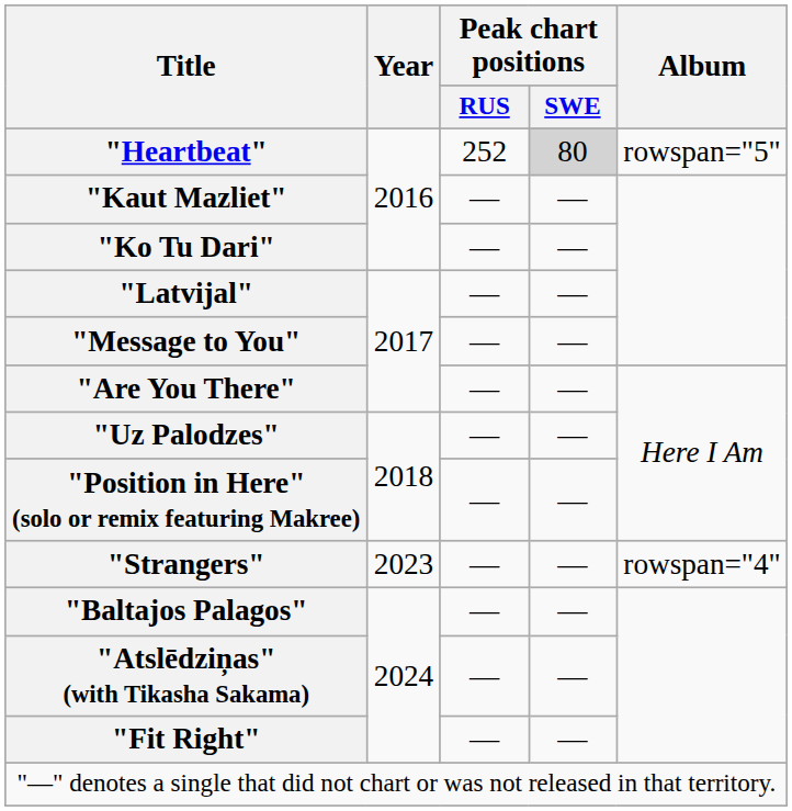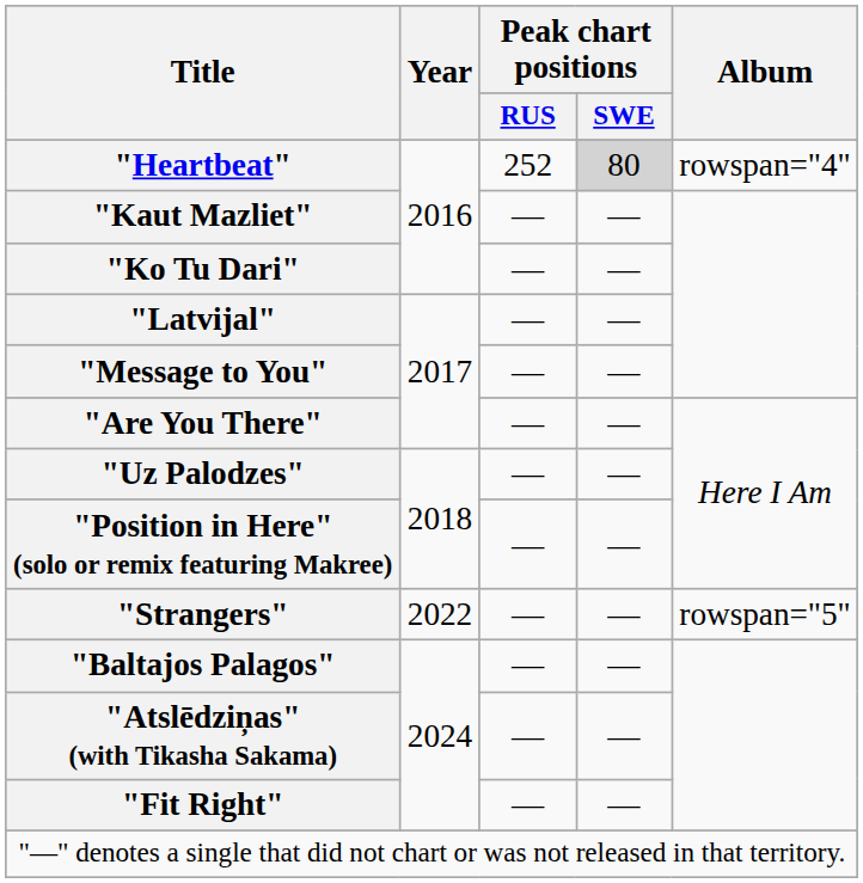 <table class="wikitable plainrowheaders" style="text-align:center;">
 <tr>
 <th scope="col" rowspan="2">Title</th>
 <th scope="col" rowspan="2">Year</th>
 <th scope="col" colspan="2">Peak chart positions</th>
 <th scope="col" rowspan="2">Album</th>
 </tr>
 <tr>
 <th scope="col" style="width:3em;font-size:85%;"><a href='#'>RUS</a><br></th>
 <th scope="col" style="width:3em;font-size:85%;"><a href='#'>SWE</a><br></th>
 </tr>
 <tr>
 <th scope="row">"<a href='#'>Heartbeat</a>"</th>
 <td rowspan="3">2016</td>
 <td>252</td>
 <td style="background: lightgrey;">80</td>
-<td>rowspan="5" </td>
+<td>rowspan="4" </td>
 </tr>
 <tr>
 <th scope="row">"Kaut Mazliet"</th>
 <td>—</td>
 <td>—</td>
 </tr>
 <tr>
 <th scope="row">"Ko Tu Dari"</th>
 <td>—</td>
 <td>—</td>
 </tr>
 <tr>
 <th scope="row">"Latvijal"</th>
 <td rowspan="3">2017</td>
 <td>—</td>
 <td>—</td>
 </tr>
 <tr>
 <th scope="row">"Message to You" </th>
 <td>—</td>
 <td>—</td>
 </tr>
 <tr>
 <th scope="row">"Are You There"</th>
 <td>—</td>
 <td>—</td>
 <td rowspan="3"><em>Here I Am</em></td>
 </tr>
 <tr>
 <th scope="row">"Uz Palodzes"</th>
 <td rowspan="2">2018</td>
 <td>—</td>
 <td>—</td>
 </tr>
 <tr>
 <th scope="row">"Position in Here"<br><small>(solo or remix featuring Makree)</small></th>
 <td>—</td>
 <td>—</td>
 </tr>
 <tr>
 <th scope="row">"Strangers"</th>
-<td>2023</td>
+<td>2022</td>
 <td>—</td>
 <td>—</td>
-<td>rowspan="4" </td>
+<td>rowspan="5" </td>
 </tr>
 <tr>
 <th scope="row">"Baltajos Palagos"</th>
 <td rowspan="3">2024</td>
 <td>—</td>
 <td>—</td>
 </tr>
 <tr>
 <th scope="row">"Atslēdziņas"<br><small>(with Tikasha Sakama)</small></th>
 <td>—</td>
 <td>—</td>
 </tr>
 <tr>
 <th scope="row">"Fit Right"</th>
 <td>—</td>
 <td>—</td>
 </tr>
 <tr>
 <td colspan="18" style="font-size:85%">"—" denotes a single that did not chart or was not released in that territory.</td>
 </tr>
 </table>
